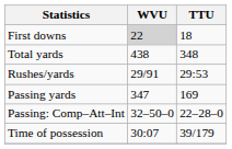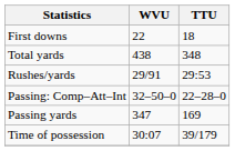 <table class="wikitable" style="float: left;">
 <tr>
 <th>Statistics</th>
 <th>WVU</th>
 <th>TTU</th>
 </tr>
 <tr>
 <td>First downs</td>
-<td style="background: lightgrey;">22</td>
+<td>22</td>
 <td>18</td>
 </tr>
 <tr>
 <td>Total yards</td>
 <td>438</td>
 <td>348</td>
 </tr>
 <tr>
 <td>Rushes/yards</td>
 <td>29/91</td>
 <td>29:53</td>
 </tr>
 <tr>
+<td>Passing: Comp–Att–Int</td>
+<td>32–50–0</td>
+<td>22–28–0</td>
+</tr>
+<tr>
 <td>Passing yards</td>
 <td>347</td>
 <td>169</td>
-</tr>
-<tr>
-<td>Passing: Comp–Att–Int</td>
-<td>32–50–0</td>
-<td>22–28–0</td>
 </tr>
 <tr>
 <td>Time of possession</td>
 <td>30:07</td>
 <td>39/179</td>
 </tr>
 <tr>
 </tr>
 </table>
